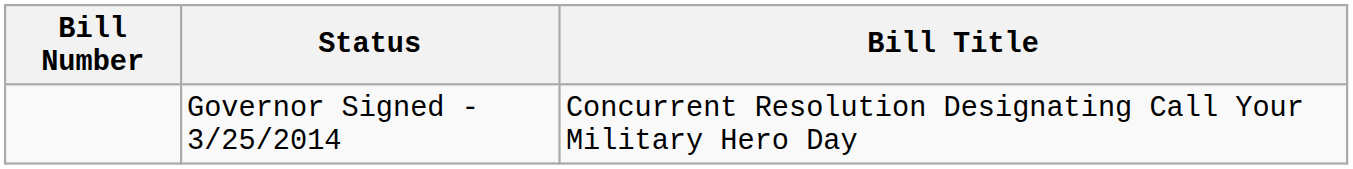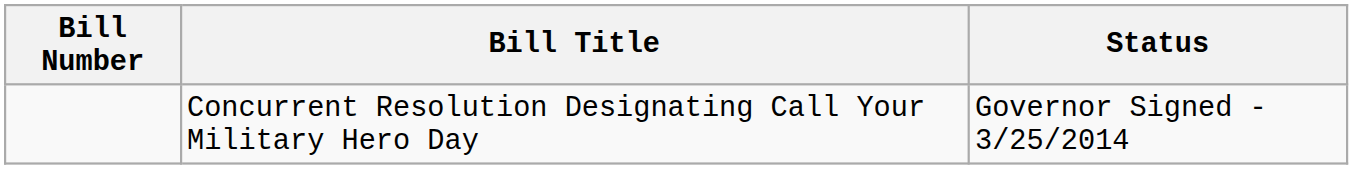 <table class="wikitable">
 <tr>
 <th>Bill Number</th>
+<th>Bill Title</th>
 <th>Status</th>
-<th>Bill Title</th>
 </tr>
 <tr>
 <td></td>
+<td>Concurrent Resolution Designating Call Your Military Hero Day</td>
 <td>Governor Signed - 3/25/2014</td>
-<td>Concurrent Resolution Designating Call Your Military Hero Day</td>
 </tr>
 </table>
